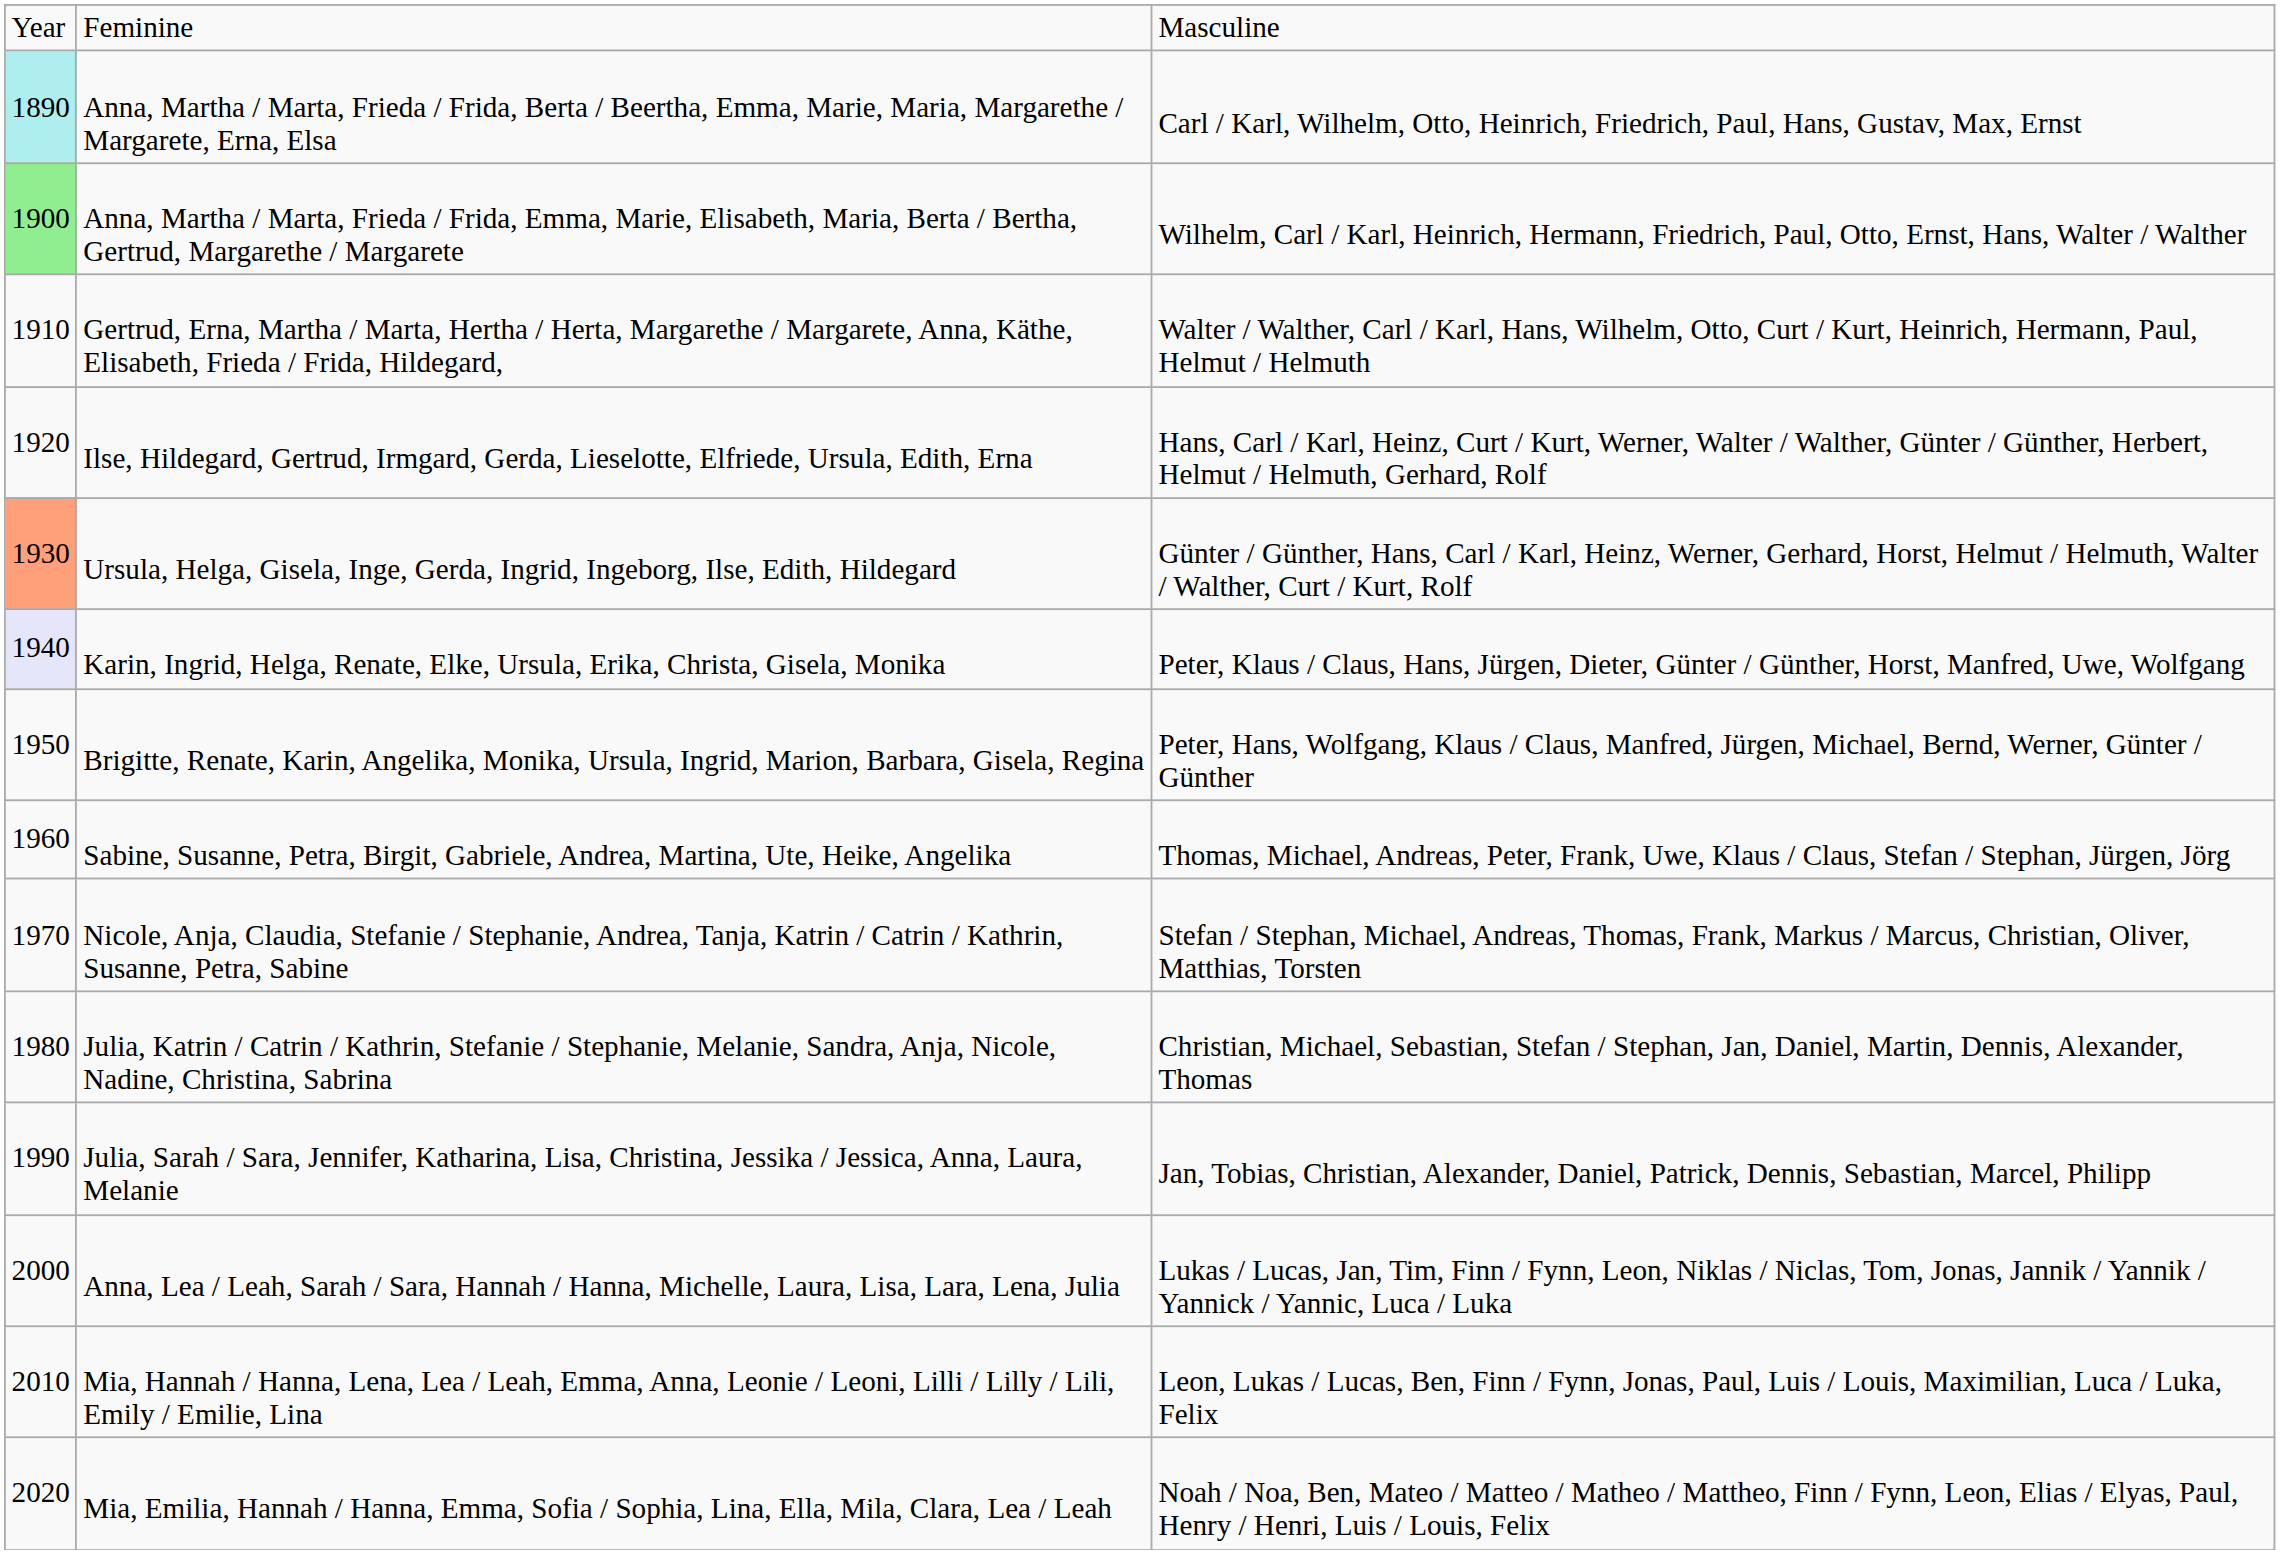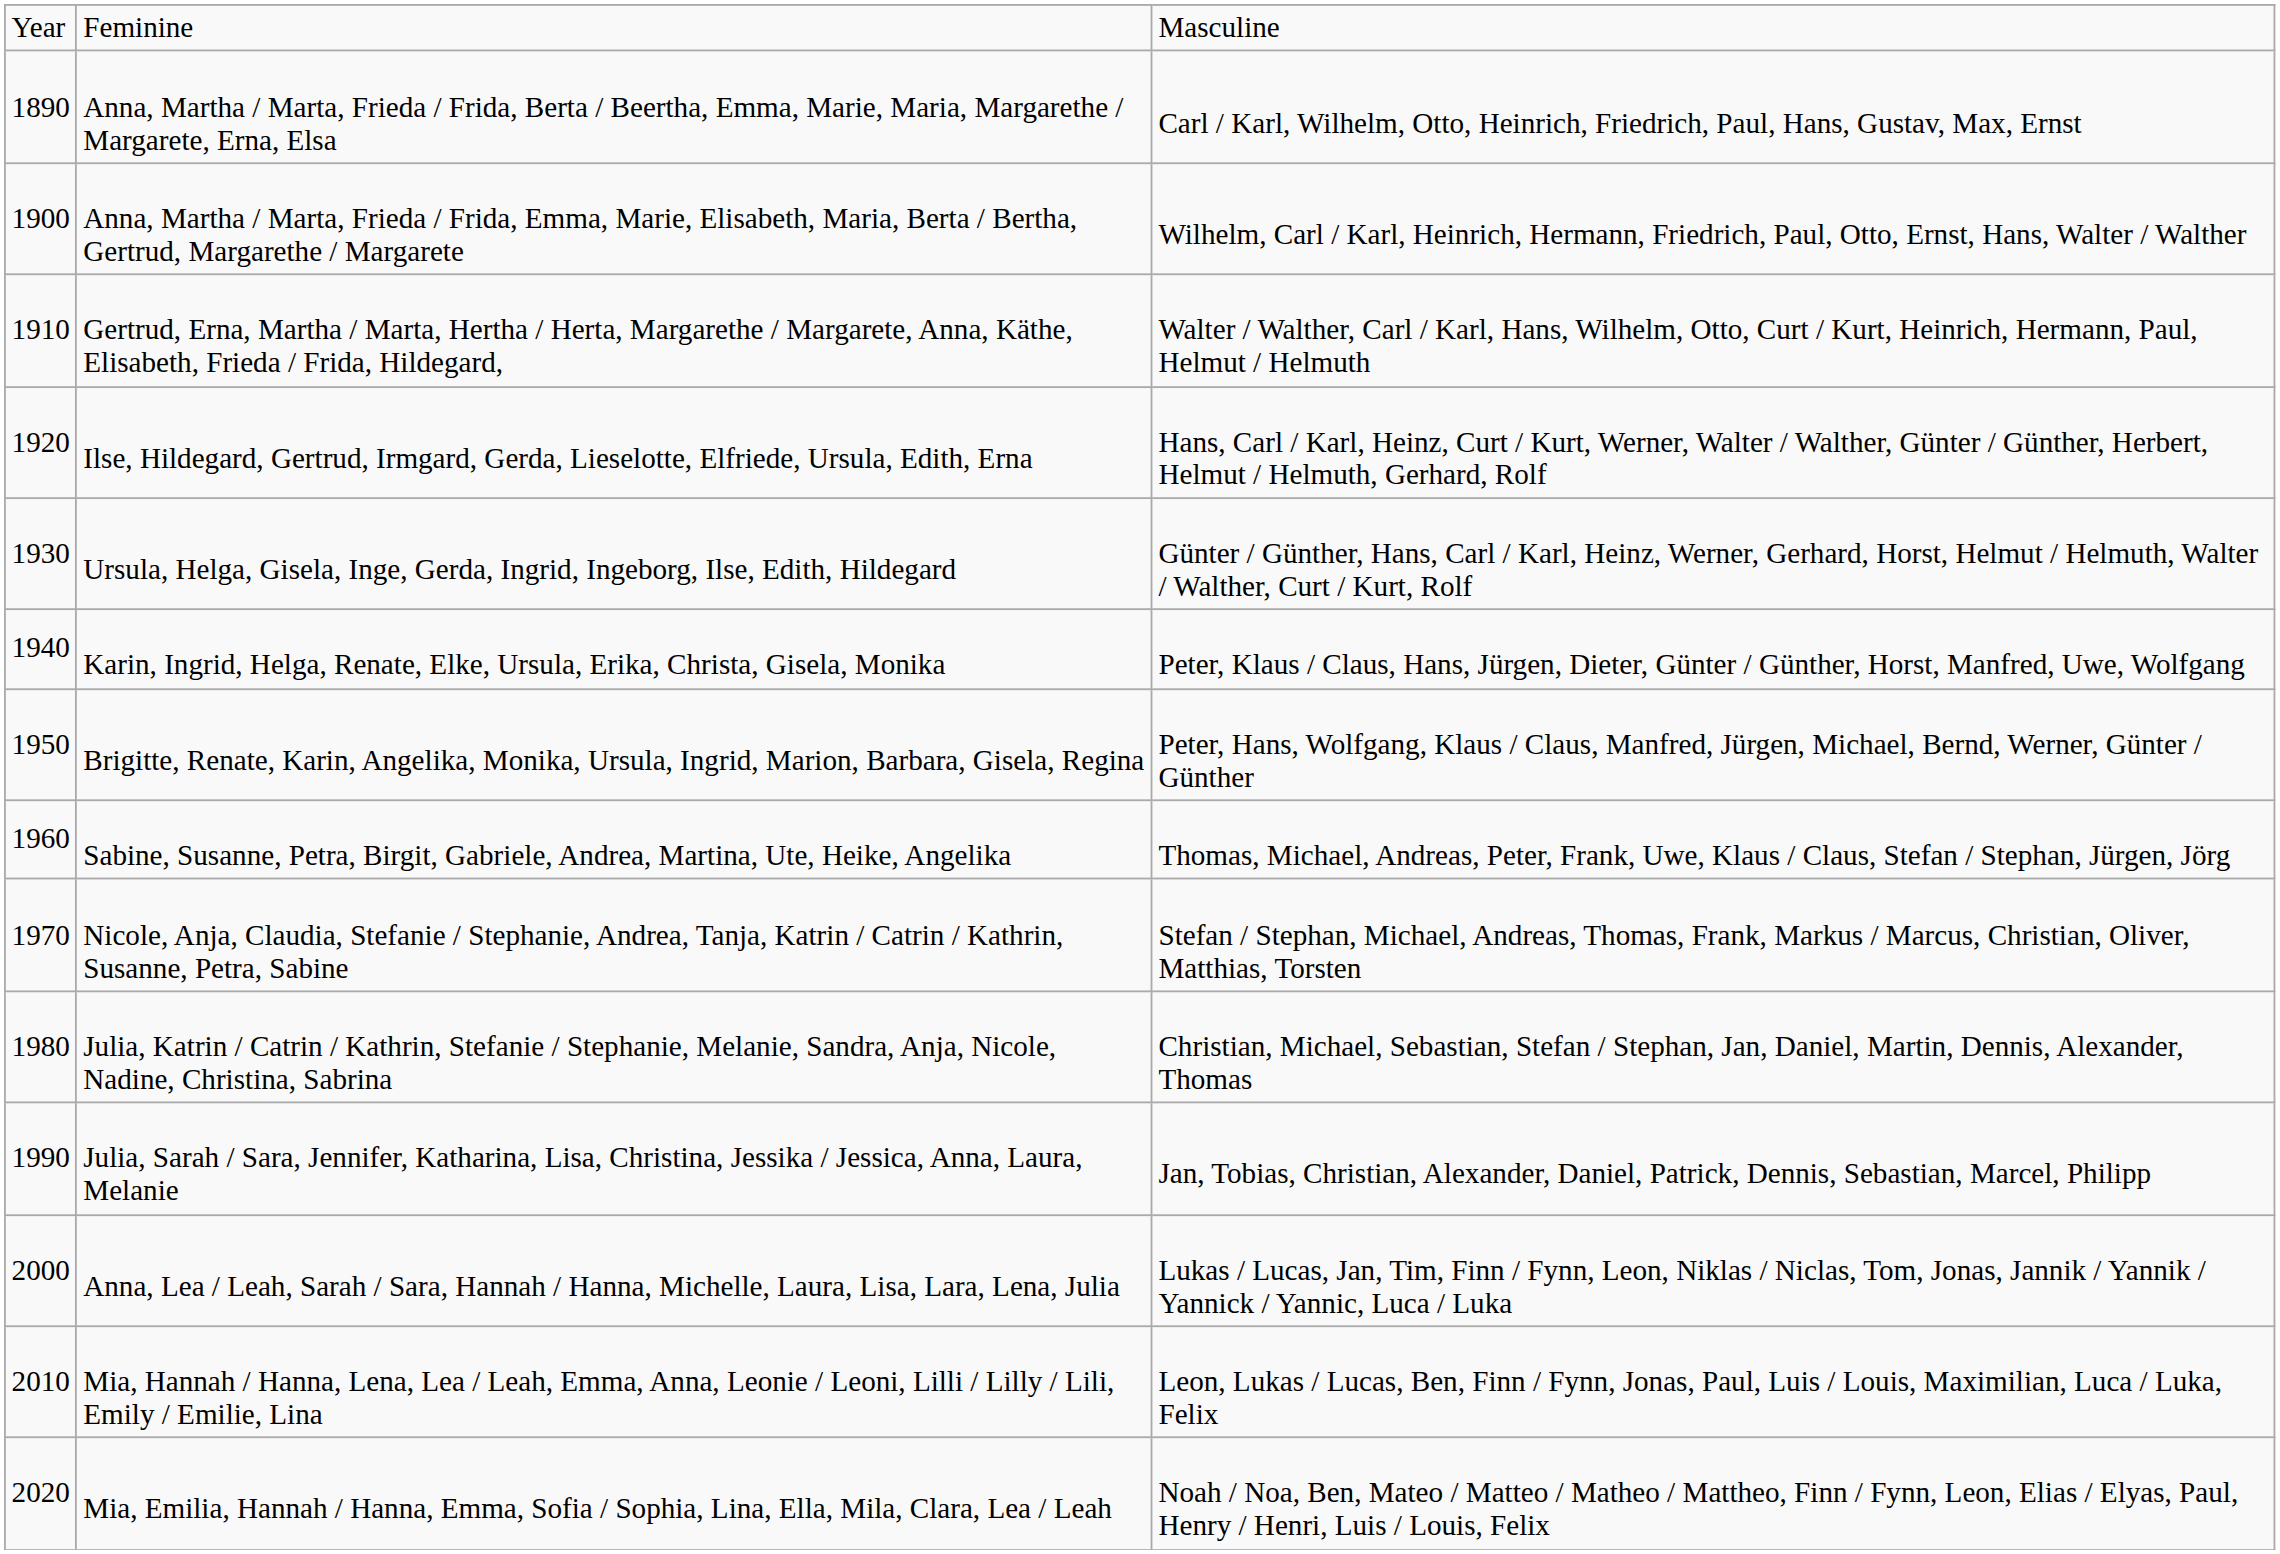 <table class="wikitable">
 <tr>
 <td>Year</td>
 <td>Feminine</td>
 <td>Masculine</td>
 </tr>
 <tr>
-<td style="background: paleturquoise;">1890</td>
+<td>1890</td>
 <td><br>Anna, Martha / Marta, Frieda / Frida, Berta / Beertha, Emma, Marie, Maria, Margarethe / Margarete, Erna, Elsa </td>
 <td><br>Carl / Karl, Wilhelm, Otto, Heinrich, Friedrich, Paul, Hans, Gustav, Max, Ernst</td>
 </tr>
 <tr>
-<td style="background: lightgreen;">1900</td>
+<td>1900</td>
 <td><br>Anna, Martha / Marta, Frieda / Frida, Emma, Marie, Elisabeth, Maria, Berta / Bertha, Gertrud, Margarethe / Margarete</td>
 <td><br>Wilhelm, Carl / Karl, Heinrich, Hermann, Friedrich, Paul, Otto, Ernst, Hans, Walter / Walther</td>
 </tr>
 <tr>
 <td>1910</td>
 <td><br>Gertrud, Erna, Martha / Marta, Hertha / Herta, Margarethe / Margarete, Anna, Käthe, Elisabeth, Frieda / Frida, Hildegard,</td>
 <td><br>Walter / Walther, Carl / Karl, Hans, Wilhelm, Otto, Curt / Kurt, Heinrich, Hermann, Paul, Helmut / Helmuth</td>
 </tr>
 <tr>
 <td>1920</td>
 <td><br>Ilse, Hildegard, Gertrud, Irmgard, Gerda, Lieselotte, Elfriede, Ursula, Edith, Erna</td>
 <td><br>Hans, Carl / Karl, Heinz, Curt / Kurt, Werner, Walter / Walther, Günter / Günther, Herbert, Helmut / Helmuth, Gerhard, Rolf</td>
 </tr>
 <tr>
-<td style="background: lightsalmon;">1930</td>
+<td>1930</td>
 <td><br>Ursula, Helga, Gisela, Inge, Gerda, Ingrid, Ingeborg, Ilse, Edith, Hildegard</td>
 <td><br>Günter / Günther, Hans, Carl / Karl, Heinz, Werner, Gerhard, Horst, Helmut / Helmuth, Walter / Walther, Curt / Kurt, Rolf</td>
 </tr>
 <tr>
-<td style="background: lavender;">1940</td>
+<td>1940</td>
 <td><br>Karin, Ingrid, Helga, Renate, Elke, Ursula, Erika, Christa, Gisela, Monika</td>
 <td><br>Peter, Klaus / Claus, Hans, Jürgen, Dieter, Günter / Günther, Horst, Manfred, Uwe, Wolfgang</td>
 </tr>
 <tr>
 <td>1950</td>
 <td><br>Brigitte, Renate, Karin, Angelika, Monika, Ursula, Ingrid, Marion, Barbara, Gisela, Regina</td>
 <td><br>Peter, Hans, Wolfgang, Klaus / Claus, Manfred, Jürgen, Michael, Bernd, Werner, Günter / Günther</td>
 </tr>
 <tr>
 <td>1960</td>
 <td><br>Sabine, Susanne, Petra, Birgit, Gabriele, Andrea, Martina, Ute, Heike, Angelika</td>
 <td><br>Thomas, Michael, Andreas, Peter, Frank, Uwe, Klaus / Claus, Stefan / Stephan, Jürgen, Jörg</td>
 </tr>
 <tr>
 <td>1970</td>
 <td><br>Nicole, Anja, Claudia, Stefanie / Stephanie, Andrea, Tanja, Katrin / Catrin / Kathrin, Susanne, Petra, Sabine</td>
 <td><br>Stefan / Stephan, Michael, Andreas, Thomas, Frank, Markus / Marcus, Christian, Oliver, Matthias, Torsten</td>
 </tr>
 <tr>
 <td>1980</td>
 <td><br>Julia, Katrin / Catrin / Kathrin, Stefanie / Stephanie, Melanie, Sandra, Anja, Nicole, Nadine, Christina, Sabrina</td>
 <td><br>Christian, Michael, Sebastian, Stefan / Stephan, Jan, Daniel, Martin, Dennis, Alexander, Thomas</td>
 </tr>
 <tr>
 <td>1990</td>
 <td><br>Julia, Sarah / Sara, Jennifer, Katharina, Lisa, Christina, Jessika / Jessica, Anna, Laura, Melanie</td>
 <td><br>Jan, Tobias, Christian, Alexander, Daniel, Patrick, Dennis, Sebastian, Marcel, Philipp</td>
 </tr>
 <tr>
 <td>2000</td>
 <td><br>Anna, Lea / Leah, Sarah / Sara, Hannah / Hanna, Michelle, Laura, Lisa, Lara, Lena, Julia</td>
 <td><br>Lukas / Lucas, Jan, Tim, Finn / Fynn, Leon, Niklas / Niclas, Tom, Jonas, Jannik / Yannik / Yannick / Yannic, Luca / Luka</td>
 </tr>
 <tr>
 <td>2010</td>
 <td><br>Mia, Hannah / Hanna, Lena, Lea / Leah, Emma, Anna, Leonie / Leoni, Lilli / Lilly / Lili, Emily / Emilie, Lina</td>
 <td><br>Leon, Lukas / Lucas, Ben, Finn / Fynn, Jonas, Paul, Luis / Louis, Maximilian, Luca / Luka, Felix</td>
 </tr>
 <tr>
 <td>2020</td>
 <td><br>Mia, Emilia, Hannah / Hanna, Emma,  Sofia / Sophia, Lina, Ella, Mila, Clara, Lea / Leah</td>
 <td><br>Noah / Noa, Ben, Mateo / Matteo / Matheo / Mattheo, Finn / Fynn, Leon, Elias / Elyas, Paul, Henry / Henri, Luis / Louis, Felix</td>
 </tr>
 </table>
